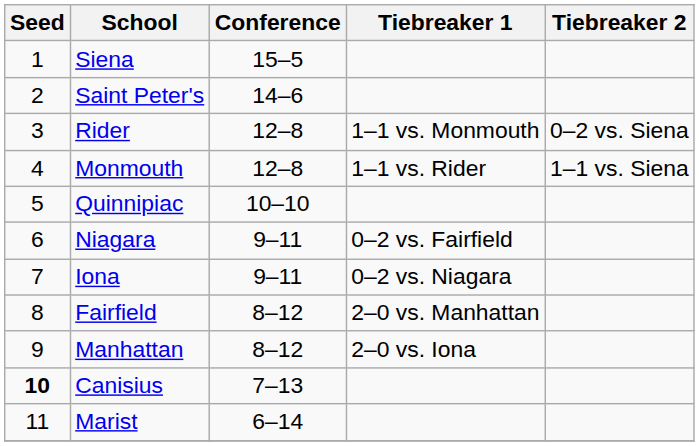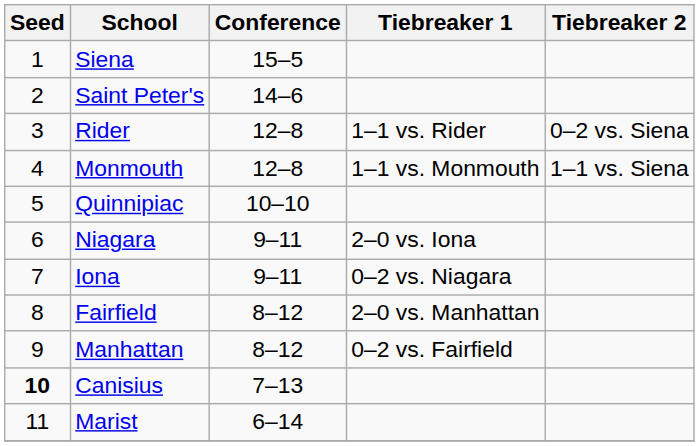 <table class="wikitable" style="text-align:center">
 <tr>
 <th>Seed</th>
 <th>School</th>
 <th>Conference</th>
 <th>Tiebreaker 1</th>
 <th>Tiebreaker 2</th>
 </tr>
 <tr>
 <td>1</td>
 <td align=left><a href='#'>Siena</a></td>
 <td>15–5</td>
 <td></td>
 <td></td>
 </tr>
 <tr>
 <td>2</td>
 <td align=left><a href='#'>Saint Peter's</a></td>
 <td>14–6</td>
 <td></td>
 <td></td>
 </tr>
 <tr>
 <td>3</td>
 <td align=left><a href='#'>Rider</a></td>
 <td>12–8</td>
-<td align=left>1–1 vs. Monmouth</td>
+<td align=left>1–1 vs. Rider</td>
 <td align=left>0–2 vs. Siena</td>
 </tr>
 <tr>
 <td>4</td>
 <td align=left><a href='#'>Monmouth</a></td>
 <td>12–8</td>
-<td align=left>1–1 vs. Rider</td>
+<td align=left>1–1 vs. Monmouth</td>
 <td align=left>1–1 vs. Siena</td>
 </tr>
 <tr>
 <td>5</td>
 <td align=left><a href='#'>Quinnipiac</a></td>
 <td>10–10</td>
 <td></td>
 <td></td>
 </tr>
 <tr>
 <td>6</td>
 <td align=left><a href='#'>Niagara</a></td>
 <td>9–11</td>
-<td align=left>0–2 vs. Fairfield</td>
+<td align=left>2–0 vs. Iona</td>
 <td></td>
 </tr>
 <tr>
 <td>7</td>
 <td align=left><a href='#'>Iona</a></td>
 <td>9–11</td>
 <td align=left>0–2 vs. Niagara</td>
 <td></td>
 </tr>
 <tr>
 <td>8</td>
 <td align=left><a href='#'>Fairfield</a></td>
 <td>8–12</td>
 <td align=left>2–0 vs. Manhattan</td>
 <td></td>
 </tr>
 <tr>
 <td>9</td>
 <td align=left><a href='#'>Manhattan</a></td>
 <td>8–12</td>
-<td align=left>2–0 vs. Iona</td>
+<td align=left>0–2 vs. Fairfield</td>
 <td></td>
 </tr>
 <tr>
 <td><strong>10</strong></td>
 <td align=left><a href='#'>Canisius</a></td>
 <td>7–13</td>
 <td></td>
 <td></td>
 </tr>
 <tr>
 <td>11</td>
 <td align=left><a href='#'>Marist</a></td>
 <td>6–14</td>
 <td></td>
 <td></td>
 </tr>
 <tr>
 </tr>
 </table>
